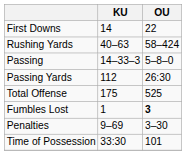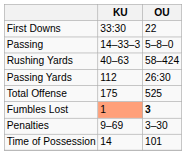 <table class="wikitable">
 <tr>
 <th></th>
 <th>KU</th>
 <th>OU</th>
 </tr>
 <tr>
 <td>First Downs</td>
-<td>14</td>
+<td>33:30</td>
 <td>22</td>
+</tr>
+<tr>
+<td>Passing</td>
+<td>14–33–3</td>
+<td>5–8–0</td>
 </tr>
 <tr>
 <td>Rushing Yards</td>
 <td>40–63</td>
 <td>58–424</td>
-</tr>
-<tr>
-<td>Passing</td>
-<td>14–33–3</td>
-<td>5–8–0</td>
 </tr>
 <tr>
 <td>Passing Yards</td>
 <td>112</td>
 <td>26:30</td>
 </tr>
 <tr>
 <td>Total Offense</td>
 <td>175</td>
 <td>525</td>
 </tr>
 <tr>
 <td>Fumbles Lost</td>
-<td>1</td>
+<td style="background: lightsalmon;">1</td>
 <td><strong>3</strong></td>
 </tr>
 <tr>
 <td>Penalties</td>
 <td>9–69</td>
 <td>3–30</td>
 </tr>
 <tr>
 <td>Time of Possession</td>
-<td>33:30</td>
+<td>14</td>
 <td>101</td>
 </tr>
 <tr>
 </tr>
 </table>
